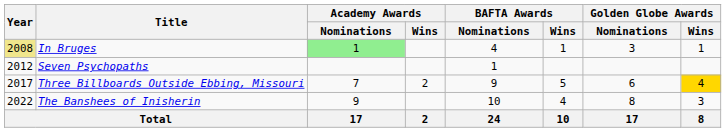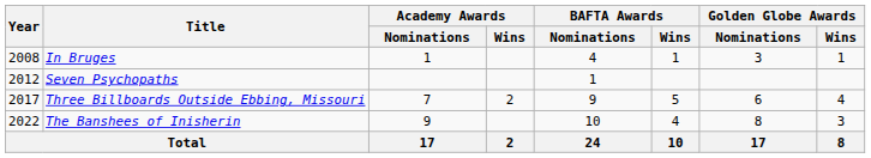 <table class="wikitable">
 <tr>
 <th rowspan="2">Year</th>
 <th rowspan="2">Title</th>
 <th colspan="2" style="text-align:center;" width=160>Academy Awards</th>
 <th colspan="2" style="text-align:center;" width=160>BAFTA Awards</th>
 <th colspan="2" style="text-align:center;" width=160>Golden Globe Awards</th>
 </tr>
 <tr>
 <th>Nominations</th>
 <th>Wins</th>
 <th>Nominations</th>
 <th>Wins</th>
 <th>Nominations</th>
 <th>Wins</th>
 </tr>
 <tr>
-<td style="background: khaki;">2008</td>
+<td>2008</td>
 <td><em><a href='#'>In Bruges</a></em></td>
-<td style="background: lightgreen; text-align:center">1</td>
+<td style="text-align:center">1</td>
 <td style="text-align:center"></td>
 <td style="text-align:center">4</td>
 <td style="text-align:center">1</td>
 <td style="text-align:center">3</td>
 <td style="text-align:center">1</td>
 </tr>
 <tr>
 <td>2012</td>
 <td><em><a href='#'>Seven Psychopaths</a></em></td>
 <td style="text-align:center"></td>
 <td style="text-align:center"></td>
 <td style="text-align:center">1</td>
 <td style="text-align:center"></td>
 <td style="text-align:center"></td>
 <td style="text-align:center"></td>
 </tr>
 <tr>
 <td>2017</td>
 <td><em><a href='#'>Three Billboards Outside Ebbing, Missouri</a></em></td>
 <td style="text-align:center">7</td>
 <td style="text-align:center">2</td>
 <td style="text-align:center">9</td>
 <td style="text-align:center">5</td>
 <td style="text-align:center">6</td>
-<td style="background: gold; text-align:center">4</td>
+<td style="text-align:center">4</td>
 </tr>
 <tr>
 <td>2022</td>
 <td><em><a href='#'>The Banshees of Inisherin</a></em></td>
 <td style="text-align:center">9</td>
 <td style="text-align:center"></td>
 <td style="text-align:center">10</td>
 <td style="text-align:center">4</td>
 <td style="text-align:center">8</td>
 <td style="text-align:center">3</td>
 </tr>
 <tr>
 <th colspan="2">Total</th>
 <th style="text-align:center">17</th>
 <th style="text-align:center">2</th>
 <th style="text-align:center">24</th>
 <th style="text-align:center">10</th>
 <th style="text-align:center">17</th>
 <th style="text-align:center">8</th>
 </tr>
 </table>
